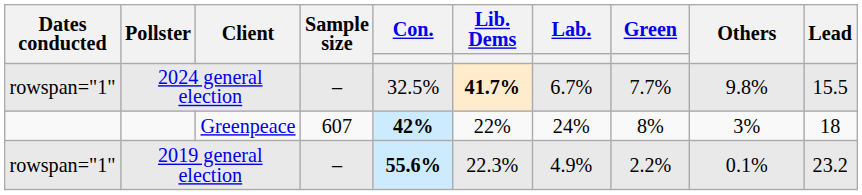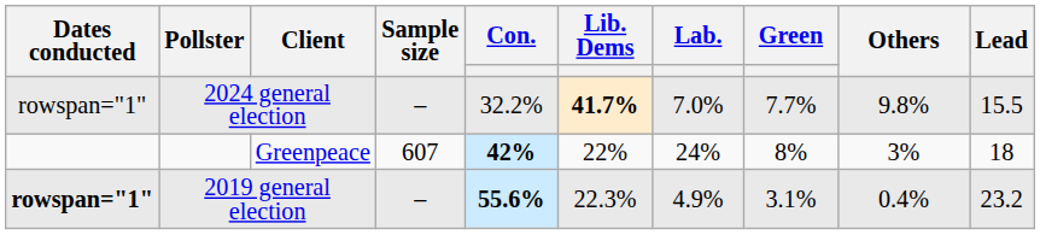 <table class="wikitable sortable mw-datatable" style="text-align:center; font-size:90%; line-height:14px;">
 <tr>
 <th rowspan="2">Dates<br>conducted</th>
 <th rowspan="2">Pollster</th>
 <th rowspan="2">Client</th>
 <th rowspan="2" data-sort-type="number">Sample<br>size</th>
 <th class="unsortable" style="width:50px;"><a href='#'>Con.</a></th>
 <th class="unsortable" style="width:50px;"><a href='#'>Lib. Dems</a></th>
 <th class="unsortable" style="width:50px;"><a href='#'>Lab.</a></th>
 <th class="unsortable" style="width:50px;"><a href='#'>Green</a></th>
 <th rowspan="2" class="unsortable" style="width:75px;">Others</th>
 <th rowspan="2" data-sort-type="number">Lead</th>
 </tr>
 <tr>
 <th data-sort-type="number" style="background:"></th>
 <th data-sort-type="number" style="background:"></th>
 <th data-sort-type="number" style="background:"></th>
 <th data-sort-type="number" style="background:"></th>
 </tr>
 <tr style="background:#e9e9e9;">
 <td>rowspan="1" </td>
 <td colspan="2" rowspan="1"><a href='#'>2024 general election</a></td>
 <td>–</td>
-<td>32.5%</td>
+<td>32.2%</td>
 <td style="background:#FEECCD;"><strong>41.7%</strong></td>
-<td>6.7%</td>
+<td>7.0%</td>
 <td>7.7%</td>
 <td>9.8%</td>
 <td style="background:">15.5</td>
 </tr>
 <tr>
 <td></td>
 <td></td>
 <td><a href='#'>Greenpeace</a></td>
 <td>607</td>
 <td style="background:#CCEBFF;"><strong>42%</strong></td>
 <td>22%</td>
 <td>24%</td>
 <td>8%</td>
 <td>3%</td>
 <td style="background:">18</td>
 </tr>
 <tr style="background:#e9e9e9;">
-<td>rowspan="1" </td>
+<td><strong>rowspan="1" </strong></td>
 <td colspan="2" rowspan="1"><a href='#'>2019 general election</a></td>
 <td>–</td>
 <td style="background:#CCEBFF;"><strong>55.6%</strong></td>
 <td>22.3%</td>
 <td>4.9%</td>
-<td>2.2%</td>
-<td>0.1%</td>
+<td>3.1%</td>
+<td>0.4%</td>
 <td style="background:">23.2</td>
 </tr>
 </table>
